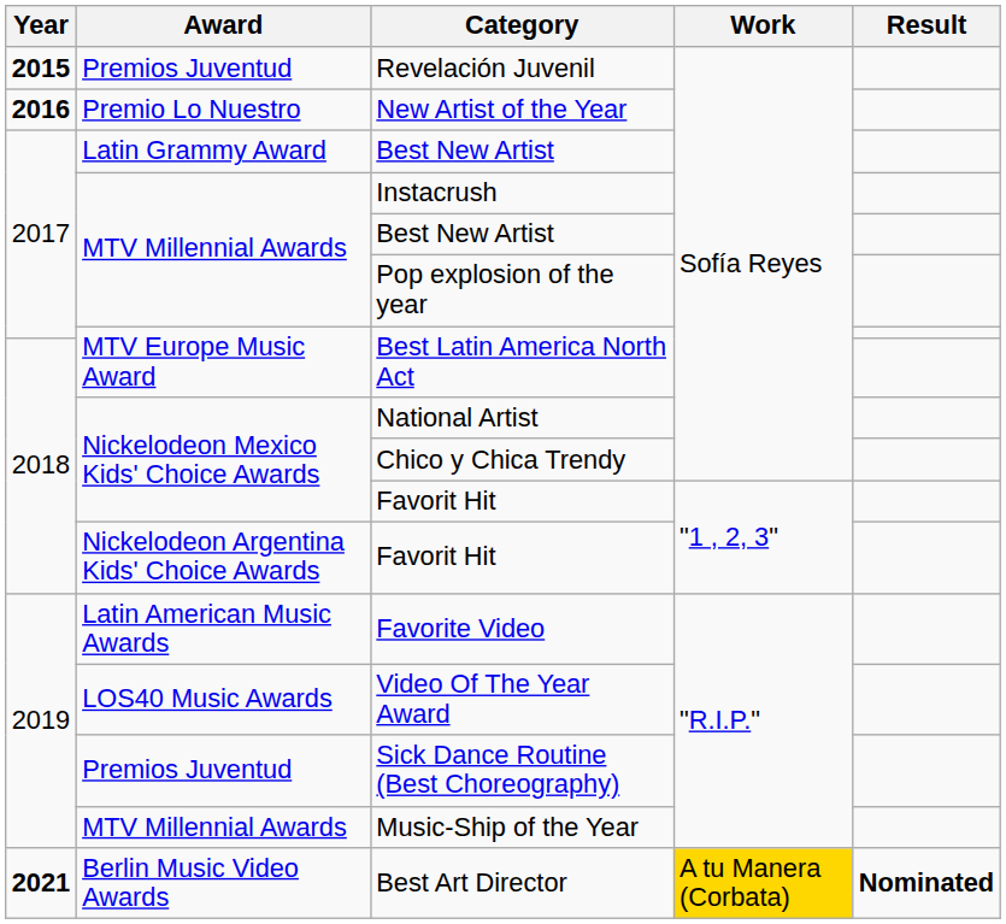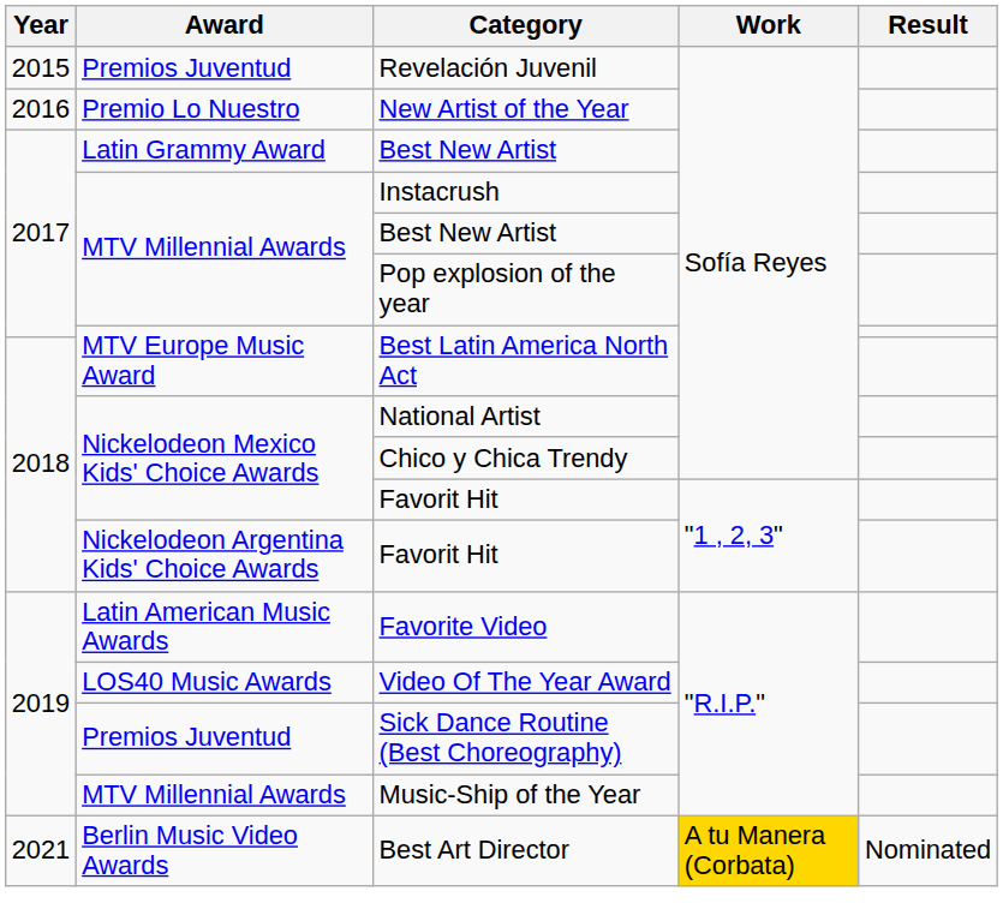 <table class="wikitable">
 <tr>
 <th>Year</th>
 <th>Award</th>
 <th>Category</th>
 <th>Work</th>
 <th>Result</th>
 </tr>
 <tr>
-<td><strong>2015</strong></td>
+<td>2015</td>
 <td><a href='#'>Premios Juventud</a></td>
 <td>Revelación Juvenil</td>
 <td rowspan="10">Sofía Reyes</td>
 <td></td>
 </tr>
 <tr>
-<td><strong>2016</strong></td>
+<td>2016</td>
 <td><a href='#'>Premio Lo Nuestro</a></td>
 <td><a href='#'>New Artist of the Year</a></td>
 <td></td>
 </tr>
 <tr>
 <td rowspan="5">2017</td>
 <td><a href='#'>Latin Grammy Award</a></td>
 <td><a href='#'>Best New Artist</a></td>
 <td></td>
 </tr>
 <tr>
 <td rowspan="3"><a href='#'>MTV Millennial Awards</a></td>
 <td>Instacrush</td>
 <td></td>
 </tr>
 <tr>
 <td>Best New Artist</td>
 <td></td>
 </tr>
 <tr>
 <td>Pop explosion of the year</td>
 <td></td>
 </tr>
 <tr>
 <td rowspan="2"><a href='#'>MTV Europe Music Award</a></td>
 <td rowspan="2"><a href='#'>Best Latin America North Act</a></td>
 <td></td>
 </tr>
 <tr>
 <td rowspan="5">2018</td>
 <td></td>
 </tr>
 <tr>
 <td rowspan="3"><a href='#'>Nickelodeon Mexico Kids' Choice Awards</a></td>
 <td>National Artist</td>
 <td></td>
 </tr>
 <tr>
 <td>Chico y Chica Trendy</td>
 <td></td>
 </tr>
 <tr>
 <td>Favorit Hit</td>
 <td rowspan="2">"<a href='#'>1 , 2, 3</a>"</td>
 <td></td>
 </tr>
 <tr>
 <td><a href='#'>Nickelodeon Argentina Kids' Choice Awards</a></td>
 <td>Favorit Hit</td>
 <td></td>
 </tr>
 <tr>
 <td rowspan="4">2019</td>
 <td><a href='#'>Latin American Music Awards</a></td>
 <td><a href='#'>Favorite Video</a></td>
 <td rowspan="4">"<a href='#'>R.I.P.</a>"</td>
 <td></td>
 </tr>
 <tr>
 <td><a href='#'>LOS40 Music Awards</a></td>
 <td><a href='#'>Video Of The Year Award</a></td>
 <td></td>
 </tr>
 <tr>
 <td><a href='#'>Premios Juventud</a></td>
 <td><a href='#'>Sick Dance Routine (Best Choreography)</a></td>
 <td></td>
 </tr>
 <tr>
 <td><a href='#'>MTV Millennial Awards</a></td>
 <td>Music-Ship of the Year</td>
 <td></td>
 </tr>
 <tr>
-<td><strong>2021</strong></td>
+<td>2021</td>
 <td><a href='#'>Berlin Music Video Awards</a></td>
 <td>Best Art Director</td>
 <td style="background: gold;">A tu Manera (Corbata)</td>
-<td><strong>Nominated</strong></td>
+<td>Nominated</td>
 </tr>
 </table>
